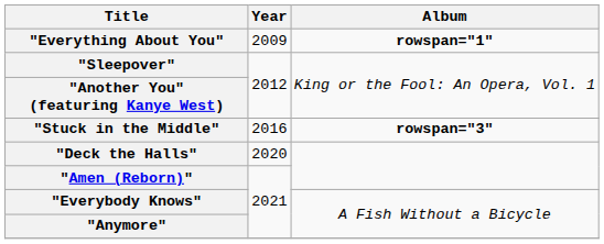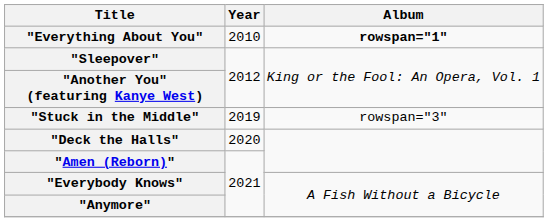 <table class="wikitable plainrowheaders" style="text-align:center;">
 <tr>
 <th scope="col" style="width:16em;">Title</th>
 <th scope="col">Year</th>
 <th scope="col">Album</th>
 </tr>
 <tr>
 <th scope="row">"Everything About You"</th>
-<td rowspan="1">2009</td>
+<td rowspan="1">2010</td>
 <td><strong>rowspan="1" </strong></td>
 </tr>
 <tr>
 <th scope="row">"Sleepover"</th>
 <td rowspan="2">2012</td>
 <td rowspan="2"><em>King or the Fool: An Opera, Vol. 1</em></td>
 </tr>
 <tr>
 <th scope="row">"Another You"<br><span>(featuring <a href='#'>Kanye West</a>)</span></th>
 </tr>
 <tr>
 <th scope="row">"Stuck in the Middle" <br></th>
-<td>2016</td>
-<td><strong>rowspan="3" </strong></td>
+<td>2019</td>
+<td>rowspan="3" </td>
 </tr>
 <tr>
 <th scope="row">"Deck the Halls" <br></th>
 <td>2020</td>
 </tr>
 <tr>
 <th scope="row">"<a href='#'>Amen (Reborn)</a>" <br></th>
 <td rowspan="3">2021</td>
 </tr>
 <tr>
 <th scope="row">"Everybody Knows" <br></th>
 <td rowspan="2"><em>A Fish Without a Bicycle</em></td>
 </tr>
 <tr>
 <th scope="row">"Anymore" <br></th>
 </tr>
 <tr>
 </tr>
 </table>
